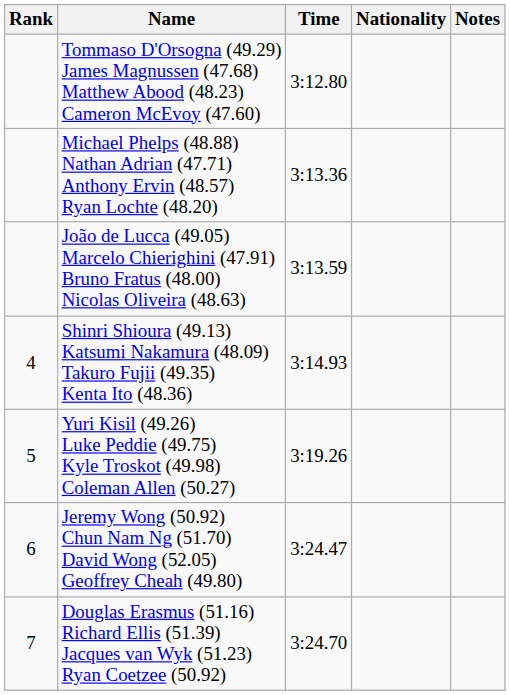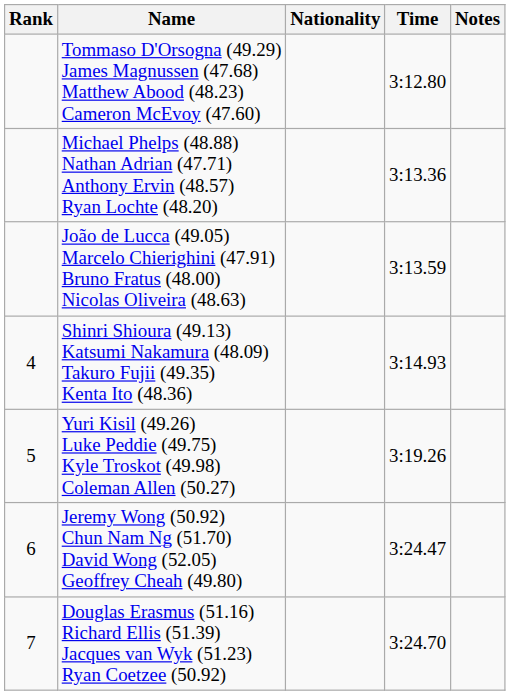 <table class="wikitable sortable" style="text-align:center">
 <tr>
 <th>Rank</th>
 <th>Name</th>
+<th>Nationality</th>
 <th>Time</th>
-<th>Nationality</th>
 <th>Notes</th>
 </tr>
 <tr>
 <td></td>
 <td align=left><a href='#'>Tommaso D'Orsogna</a> (49.29) <br><a href='#'>James Magnussen</a> (47.68) <br><a href='#'>Matthew Abood</a> (48.23) <br><a href='#'>Cameron McEvoy</a> (47.60)</td>
+<td align=left></td>
 <td>3:12.80</td>
-<td align=left></td>
 <td></td>
 </tr>
 <tr>
 <td></td>
 <td align=left><a href='#'>Michael Phelps</a> (48.88) <br><a href='#'>Nathan Adrian</a> (47.71) <br><a href='#'>Anthony Ervin</a> (48.57) <br><a href='#'>Ryan Lochte</a> (48.20)</td>
+<td align=left></td>
 <td>3:13.36</td>
-<td align=left></td>
 <td></td>
 </tr>
 <tr>
 <td></td>
 <td align=left><a href='#'>João de Lucca</a> (49.05) <br><a href='#'>Marcelo Chierighini</a> (47.91) <br><a href='#'>Bruno Fratus</a> (48.00) <br><a href='#'>Nicolas Oliveira</a> (48.63)</td>
+<td align=left></td>
 <td>3:13.59</td>
-<td align=left></td>
 <td></td>
 </tr>
 <tr>
 <td>4</td>
 <td align=left><a href='#'>Shinri Shioura</a> (49.13) <br> <a href='#'>Katsumi Nakamura</a> (48.09) <br> <a href='#'>Takuro Fujii</a> (49.35) <br> <a href='#'>Kenta Ito</a> (48.36)</td>
+<td align=left></td>
 <td>3:14.93</td>
-<td align=left></td>
 <td></td>
 </tr>
 <tr>
 <td>5</td>
 <td align=left><a href='#'>Yuri Kisil</a> (49.26) <br><a href='#'>Luke Peddie</a> (49.75) <br><a href='#'>Kyle Troskot</a> (49.98) <br><a href='#'>Coleman Allen</a> (50.27)</td>
+<td align=left></td>
 <td>3:19.26</td>
-<td align=left></td>
 <td></td>
 </tr>
 <tr>
 <td>6</td>
 <td align=left><a href='#'>Jeremy Wong</a> (50.92) <br><a href='#'>Chun Nam Ng</a> (51.70) <br><a href='#'>David Wong</a> (52.05) <br><a href='#'>Geoffrey Cheah</a> (49.80)</td>
+<td align=left></td>
 <td>3:24.47</td>
-<td align=left></td>
 <td></td>
 </tr>
 <tr>
 <td>7</td>
 <td align=left><a href='#'>Douglas Erasmus</a> (51.16) <br> <a href='#'>Richard Ellis</a> (51.39) <br> <a href='#'>Jacques van Wyk</a> (51.23) <br> <a href='#'>Ryan Coetzee</a> (50.92)</td>
+<td align=left></td>
 <td>3:24.70</td>
-<td align=left></td>
 <td></td>
 </tr>
 </table>
